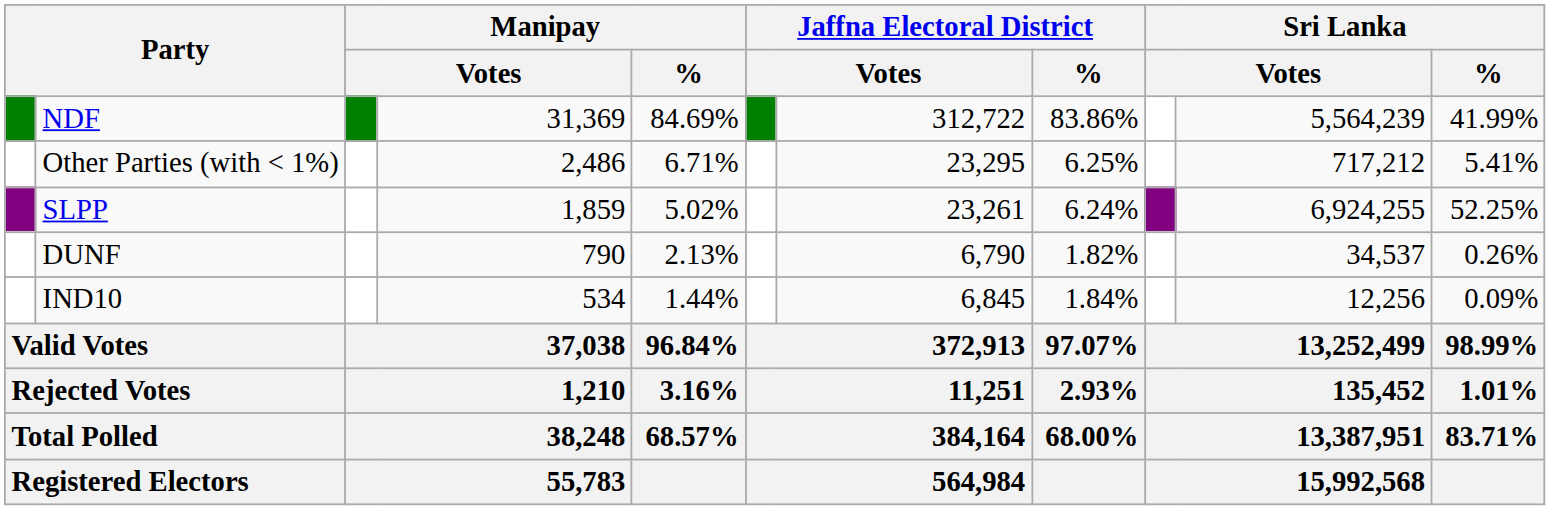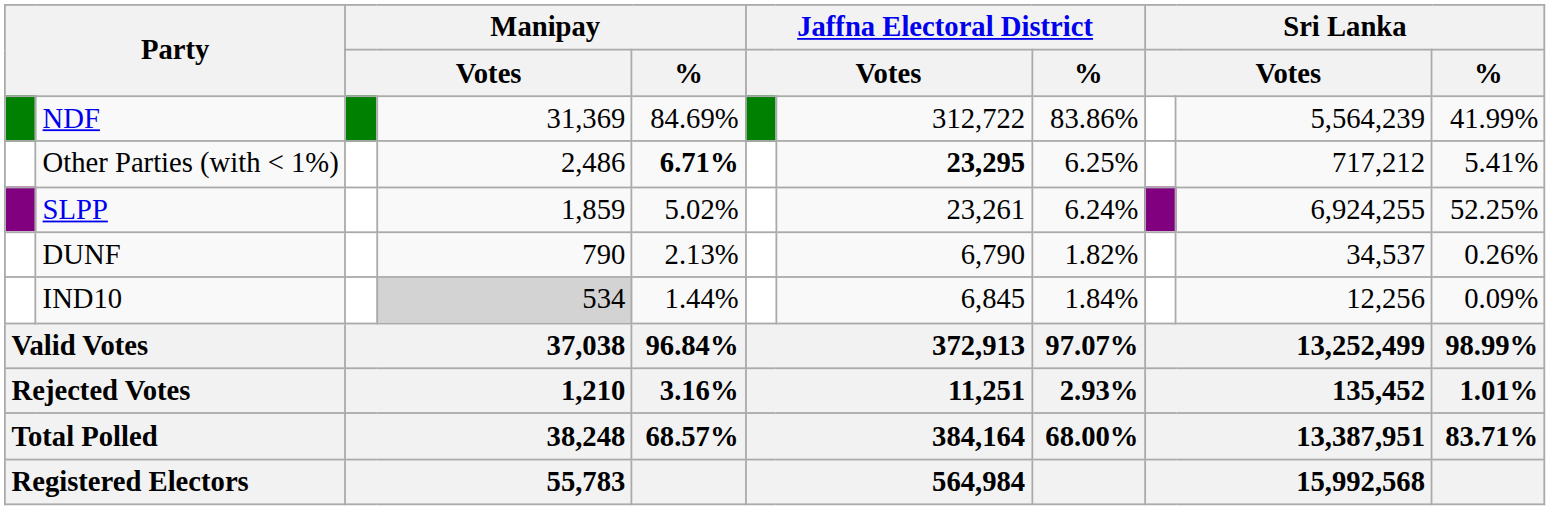 <table class="wikitable">
 <tr>
 <th colspan="2" width="144px"rowspan="2">Party</th>
 <th colspan="3" width="216px">Manipay</th>
 <th colspan="3" width="216px"><a href='#'>Jaffna Electoral District</a></th>
 <th colspan="3" width="216px">Sri Lanka</th>
 </tr>
 <tr>
 <th colspan="2" width="144px">Votes</th>
 <th>%</th>
 <th colspan="2" width="144px">Votes</th>
 <th>%</th>
 <th colspan="2" width="144px">Votes</th>
 <th>%</th>
 </tr>
 <tr>
 <td style="background-color:green;" width="10px"></td>
 <td style="text-align:left;"><a href='#'>NDF</a></td>
 <td style="background-color:green;" width="10px"></td>
 <td style="text-align:right;">31,369</td>
 <td style="text-align:right;">84.69%</td>
 <td style="background-color:green;" width="10px"></td>
 <td style="text-align:right;">312,722</td>
 <td style="text-align:right;">83.86%</td>
 <td style="background-color:white;" width="10px"></td>
 <td style="text-align:right;">5,564,239</td>
 <td style="text-align:right;">41.99%</td>
 </tr>
 <tr>
 <td style="background-color:white;" width="10px"></td>
 <td style="text-align:left;">Other Parties (with < 1%)</td>
 <td style="background-color:white;" width="10px"></td>
 <td style="text-align:right;">2,486</td>
-<td style="text-align:right;">6.71%</td>
+<td style="text-align:right;"><strong>6.71%</strong></td>
 <td style="background-color:white;" width="10px"></td>
-<td style="text-align:right;">23,295</td>
+<td style="text-align:right;"><strong>23,295</strong></td>
 <td style="text-align:right;">6.25%</td>
 <td style="background-color:white;" width="10px"></td>
 <td style="text-align:right;">717,212</td>
 <td style="text-align:right;">5.41%</td>
 </tr>
 <tr>
 <td style="background-color:purple;" width="10px"></td>
 <td style="text-align:left;"><a href='#'>SLPP</a></td>
 <td style="background-color:white;" width="10px"></td>
 <td style="text-align:right;">1,859</td>
 <td style="text-align:right;">5.02%</td>
 <td style="background-color:white;" width="10px"></td>
 <td style="text-align:right;">23,261</td>
 <td style="text-align:right;">6.24%</td>
 <td style="background-color:purple;" width="10px"></td>
 <td style="text-align:right;">6,924,255</td>
 <td style="text-align:right;">52.25%</td>
 </tr>
 <tr>
 <td style="background-color:white;" width="10px"></td>
 <td style="text-align:left;">DUNF</td>
 <td style="background-color:white;" width="10px"></td>
 <td style="text-align:right;">790</td>
 <td style="text-align:right;">2.13%</td>
 <td style="background-color:white;" width="10px"></td>
 <td style="text-align:right;">6,790</td>
 <td style="text-align:right;">1.82%</td>
 <td style="background-color:white;" width="10px"></td>
 <td style="text-align:right;">34,537</td>
 <td style="text-align:right;">0.26%</td>
 </tr>
 <tr>
 <td style="background-color:white;" width="10px"></td>
 <td style="text-align:left;">IND10</td>
 <td style="background-color:white;" width="10px"></td>
-<td style="text-align:right;">534</td>
+<td style="background: lightgrey; text-align:right;">534</td>
 <td style="text-align:right;">1.44%</td>
 <td style="background-color:white;" width="10px"></td>
 <td style="text-align:right;">6,845</td>
 <td style="text-align:right;">1.84%</td>
 <td style="background-color:white;" width="10px"></td>
 <td style="text-align:right;">12,256</td>
 <td style="text-align:right;">0.09%</td>
 </tr>
 <tr>
 <th colspan="2" width="144px"style="text-align:left;">Valid Votes</th>
 <th style="text-align:right;"colspan="2" width="144px">37,038</th>
 <th style="text-align:right;">96.84%</th>
 <th style="text-align:right;"colspan="2" width="144px">372,913</th>
 <th style="text-align:right;">97.07%</th>
 <th style="text-align:right;"colspan="2" width="144px">13,252,499</th>
 <th style="text-align:right;">98.99%</th>
 </tr>
 <tr>
 <th colspan="2" width="144px"style="text-align:left;">Rejected Votes</th>
 <th style="text-align:right;"colspan="2" width="144px">1,210</th>
 <th style="text-align:right;">3.16%</th>
 <th style="text-align:right;"colspan="2" width="144px">11,251</th>
 <th style="text-align:right;">2.93%</th>
 <th style="text-align:right;"colspan="2" width="144px">135,452</th>
 <th style="text-align:right;">1.01%</th>
 </tr>
 <tr>
 <th colspan="2" width="144px"style="text-align:left;">Total Polled</th>
 <th style="text-align:right;"colspan="2" width="144px">38,248</th>
 <th style="text-align:right;">68.57%</th>
 <th style="text-align:right;"colspan="2" width="144px">384,164</th>
 <th style="text-align:right;">68.00%</th>
 <th style="text-align:right;"colspan="2" width="144px">13,387,951</th>
 <th style="text-align:right;">83.71%</th>
 </tr>
 <tr>
 <th colspan="2" width="144px"style="text-align:left;">Registered Electors</th>
 <th style="text-align:right;"colspan="2" width="144px">55,783</th>
 <th></th>
 <th style="text-align:right;"colspan="2" width="144px">564,984</th>
 <th></th>
 <th style="text-align:right;"colspan="2" width="144px">15,992,568</th>
 <th></th>
 </tr>
 </table>
